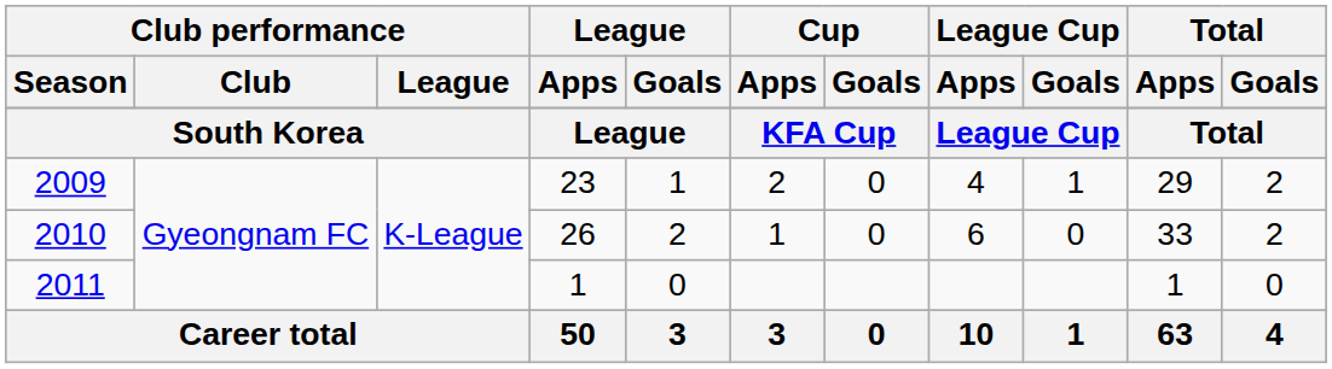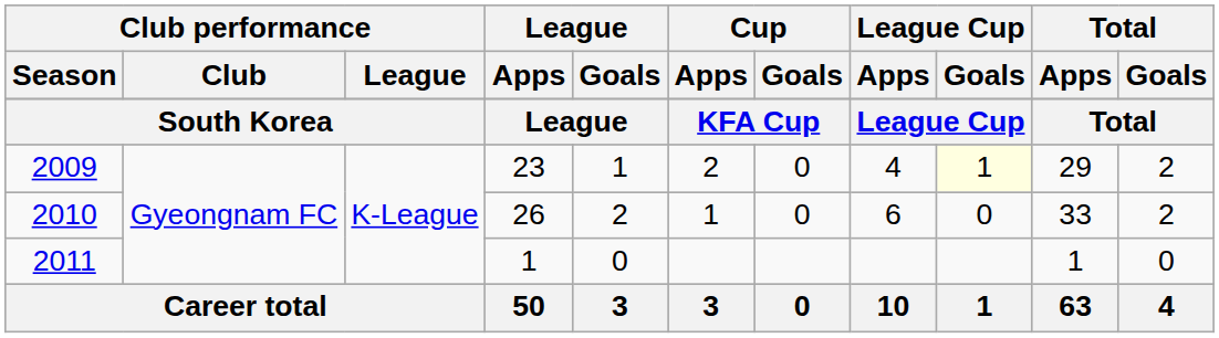 <table class="wikitable" style="text-align:center">
 <tr>
 <th colspan=3>Club performance</th>
 <th colspan=2>League</th>
 <th colspan=2>Cup</th>
 <th colspan=2>League Cup</th>
 <th colspan=2>Total</th>
 </tr>
 <tr>
 <th>Season</th>
 <th>Club</th>
 <th>League</th>
 <th>Apps</th>
 <th>Goals</th>
 <th>Apps</th>
 <th>Goals</th>
 <th>Apps</th>
 <th>Goals</th>
 <th>Apps</th>
 <th>Goals</th>
 </tr>
 <tr>
 </tr>
 <tr>
 <th colspan=3>South Korea</th>
 <th colspan=2>League</th>
 <th colspan=2><a href='#'>KFA Cup</a></th>
 <th colspan=2><a href='#'>League Cup</a></th>
 <th colspan=2>Total</th>
 </tr>
 <tr>
 <td><a href='#'>2009</a></td>
 <td rowspan="3"><a href='#'>Gyeongnam FC</a></td>
 <td rowspan="3"><a href='#'>K-League</a></td>
 <td>23</td>
 <td>1</td>
 <td>2</td>
 <td>0</td>
 <td>4</td>
-<td>1</td>
+<td style="background: lightyellow;">1</td>
 <td>29</td>
 <td>2</td>
 </tr>
 <tr>
 <td><a href='#'>2010</a></td>
 <td>26</td>
 <td>2</td>
 <td>1</td>
 <td>0</td>
 <td>6</td>
 <td>0</td>
 <td>33</td>
 <td>2</td>
 </tr>
 <tr>
 <td><a href='#'>2011</a></td>
 <td>1</td>
 <td>0</td>
 <td></td>
 <td></td>
 <td></td>
 <td></td>
 <td>1</td>
 <td>0</td>
 </tr>
 <tr>
 <th colspan=3>Career total</th>
 <th>50</th>
 <th>3</th>
 <th>3</th>
 <th>0</th>
 <th>10</th>
 <th>1</th>
 <th>63</th>
 <th>4</th>
 </tr>
 </table>
